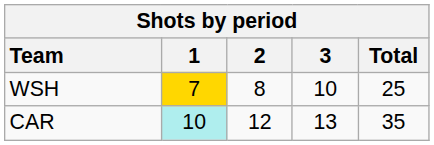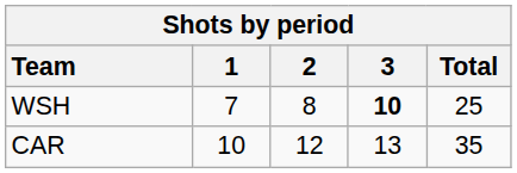 <table class="wikitable" style="width:20em; text-align:right;">
 <tr>
 <th colspan=6>Shots by period</th>
 </tr>
 <tr>
 <th style="width:8em; text-align:left;">Team</th>
 <th style="width:3em;">1</th>
 <th style="width:3em;">2</th>
 <th style="width:3em;">3</th>
 <th style="width:3em;">Total</th>
 </tr>
 <tr>
 <td style="text-align:left;">WSH</td>
-<td align=center style="background: gold;">7</td>
+<td align=center>7</td>
 <td align=center>8</td>
-<td align=center>10</td>
+<td align=center><strong>10</strong></td>
 <td align=center>25</td>
 </tr>
 <tr>
 <td style="text-align:left;">CAR</td>
-<td align=center style="background: paleturquoise;">10</td>
+<td align=center>10</td>
 <td align=center>12</td>
 <td align=center>13</td>
 <td align=center>35</td>
 </tr>
 </table>
